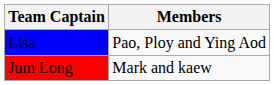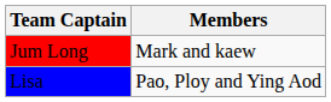 <table class="wikitable">
 <tr>
 <th>Team Captain</th>
 <th>Members</th>
 </tr>
 <tr>
+<td style="background:red"><span>Jum Long </span></td>
+<td>Mark and kaew</td>
+</tr>
+<tr>
 <td style="background:#0000FF"><span>Lisa </span></td>
 <td>Pao, Ploy and Ying Aod</td>
 </tr>
-<tr>
-<td style="background:red"><span>Jum Long </span></td>
-<td>Mark and kaew</td>
-</tr>
 </table>
